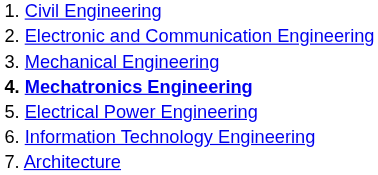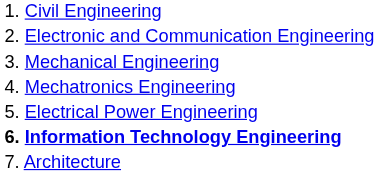 <table class="sortable">
 <tr>
 <td>1. <a href='#'>Civil Engineering</a></td>
 </tr>
 <tr>
 <td>2. <a href='#'>Electronic and Communication Engineering</a></td>
 </tr>
 <tr>
 <td>3. <a href='#'>Mechanical Engineering</a></td>
 </tr>
 <tr>
-<td><strong>4. <a href='#'>Mechatronics Engineering</a></strong></td>
+<td>4. <a href='#'>Mechatronics Engineering</a></td>
 </tr>
 <tr>
 <td>5. <a href='#'>Electrical Power Engineering</a></td>
 </tr>
 <tr>
-<td>6. <a href='#'>Information Technology Engineering</a></td>
+<td><strong>6. <a href='#'>Information Technology Engineering</a></strong></td>
 </tr>
 <tr>
 <td>7. <a href='#'>Architecture</a></td>
 </tr>
 <tr>
 </tr>
 </table>
